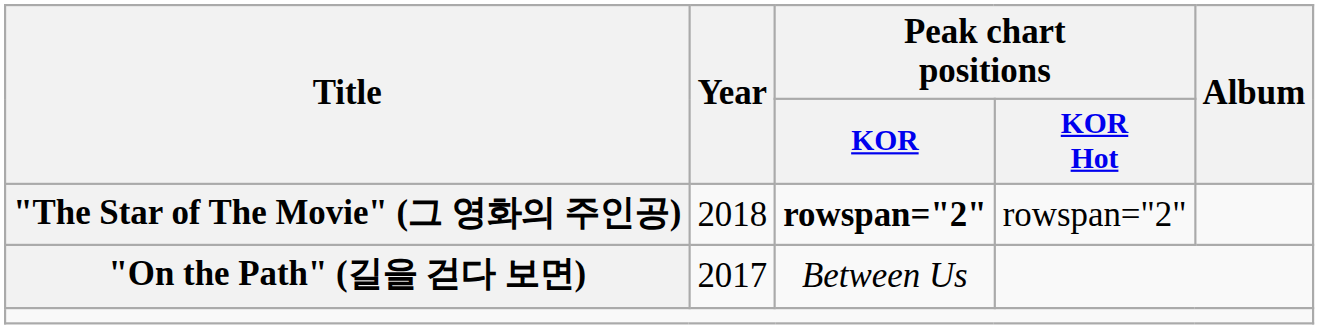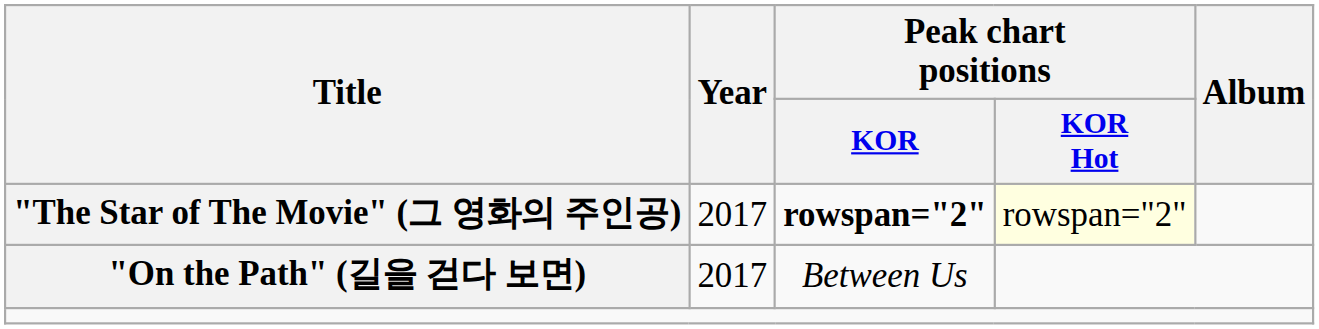 <table class="wikitable plainrowheaders" style="text-align:center;">
 <tr>
 <th scope="col" rowspan="2">Title</th>
 <th scope="col" rowspan="2">Year</th>
 <th scope="col" colspan="2">Peak chart<br>positions</th>
 <th scope="col" rowspan="2">Album</th>
 </tr>
 <tr>
 <th scope="col" style="width:3em;font-size:85%;"><a href='#'>KOR</a></th>
 <th scope="col" style="width:3em;font-size:85%;"><a href='#'>KOR<br>Hot</a></th>
 </tr>
 <tr>
 <th scope="row">"The Star of The Movie" (그 영화의 주인공)<br></th>
-<td>2018</td>
+<td>2017</td>
 <td><strong>rowspan="2" </strong></td>
-<td>rowspan="2" </td>
+<td style="background: lightyellow;">rowspan="2" </td>
 <td></td>
 </tr>
 <tr>
 <th scope="row">"On the Path" (길을 걷다 보면)<br></th>
 <td>2017</td>
 <td><em>Between Us</em></td>
 </tr>
 <tr>
 <td colspan="5"></td>
 </tr>
 </table>
